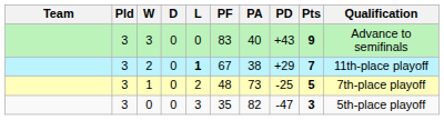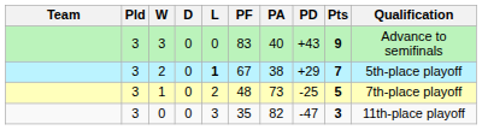 <table class="wikitable" style="text-align:center;">
 <tr>
 <th width=135>Team</th>
 <th width=25 abbr="Played">Pld</th>
 <th width=25 abbr="Won">W</th>
 <th width=25 abbr="Drawn">D</th>
 <th width=25 abbr="Lost">L</th>
 <th width=32 abbr="Points for">PF</th>
 <th width=32 abbr="Points against">PA</th>
 <th width=32 abbr="Points difference">PD</th>
 <th width=25 abbr="Points">Pts</th>
 <th width=145>Qualification</th>
 </tr>
 <tr style="background:#BBF3BB;">
 <td align=left></td>
 <td>3</td>
 <td>3</td>
 <td>0</td>
 <td>0</td>
 <td>83</td>
 <td>40</td>
 <td>+43</td>
 <td><strong>9</strong></td>
 <td>Advance to semifinals</td>
 </tr>
 <tr style="background:#BBF3FF;">
 <td align=left></td>
 <td>3</td>
 <td>2</td>
 <td>0</td>
 <td><strong>1</strong></td>
 <td>67</td>
 <td>38</td>
 <td>+29</td>
 <td><strong>7</strong></td>
-<td>11th-place playoff</td>
+<td>5th-place playoff</td>
 </tr>
 <tr style="background:#FFFFBB;">
 <td align=left></td>
 <td>3</td>
 <td>1</td>
 <td>0</td>
 <td>2</td>
 <td>48</td>
 <td>73</td>
 <td>-25</td>
 <td><strong>5</strong></td>
 <td>7th-place playoff</td>
 </tr>
 <tr>
 <td align=left></td>
 <td>3</td>
 <td>0</td>
 <td>0</td>
 <td>3</td>
 <td>35</td>
 <td>82</td>
 <td>-47</td>
 <td><strong>3</strong></td>
-<td>5th-place playoff</td>
+<td>11th-place playoff</td>
 </tr>
 </table>
